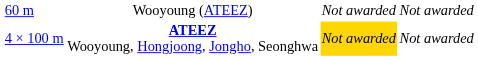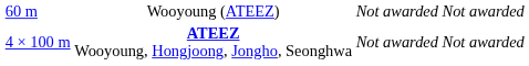 <table>
 <tr>
 <td><a href='#'>60 m</a></td>
 <td style="text-align:center">Wooyoung (<a href='#'>ATEEZ</a>)</td>
 <td style="text-align:center"><em>Not awarded</em></td>
 <td style="text-align:center"><em>Not awarded</em></td>
 </tr>
 <tr>
 <td><a href='#'>4 × 100 m</a></td>
 <td style="text-align:center"><strong><a href='#'>ATEEZ</a></strong><br>Wooyoung, <a href='#'>Hongjoong</a>, <a href='#'>Jongho</a>, Seonghwa</td>
-<td style="background: gold; text-align:center"><em>Not awarded</em></td>
+<td style="text-align:center"><em>Not awarded</em></td>
 <td style="text-align:center"><em>Not awarded</em></td>
 </tr>
 </table>
